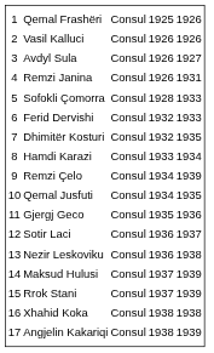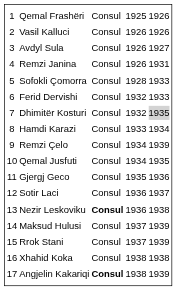 <table cellpadding="0" cellspacing="3" style="border:1px solid #000000; font-size:88%; line-height: 1.5em;">
 <tr>
 <td><strong></strong></td>
 <td><strong></strong></td>
 <td><strong></strong></td>
 <td colspan="2"></td>
 </tr>
 <tr>
 <td align=center>1</td>
 <td>Qemal Frashëri</td>
 <td>Consul</td>
 <td align=center>1925</td>
 <td align=center>1926</td>
 </tr>
 <tr>
 <td align=center>2</td>
 <td>Vasil Kalluci</td>
 <td>Consul</td>
 <td align=center>1926</td>
 <td align=center>1926</td>
 </tr>
 <tr>
 <td align=center>3</td>
 <td>Avdyl Sula</td>
 <td>Consul</td>
 <td align=center>1926</td>
 <td align=center>1927</td>
 </tr>
 <tr>
 <td align=center>4</td>
 <td>Remzi Janina</td>
 <td>Consul</td>
 <td align=center>1926</td>
 <td align=center>1931</td>
 </tr>
 <tr>
 <td align=center>5</td>
 <td>Sofokli Çomorra</td>
 <td>Consul</td>
 <td align=center>1928</td>
 <td align=center>1933</td>
 </tr>
 <tr>
 <td align=center>6</td>
 <td>Ferid Dervishi</td>
 <td>Consul</td>
 <td align=center>1932</td>
 <td align=center>1933</td>
 </tr>
 <tr>
 <td align=center>7</td>
 <td>Dhimitër Kosturi</td>
 <td>Consul</td>
 <td align=center>1932</td>
-<td align=center>1935</td>
+<td align=center style="background: lightgrey;">1935</td>
 </tr>
 <tr>
 <td align=center>8</td>
 <td>Hamdi Karazi</td>
 <td>Consul</td>
 <td align=center>1933</td>
 <td align=center>1934</td>
 </tr>
 <tr>
 <td align=center>9</td>
 <td>Remzi Çelo</td>
 <td>Consul</td>
 <td align=center>1934</td>
 <td align=center>1939</td>
 </tr>
 <tr>
 <td align=center>10</td>
 <td>Qemal Jusfuti</td>
 <td>Consul</td>
 <td align=center>1934</td>
 <td align=center>1935</td>
 </tr>
 <tr>
 <td align=center>11</td>
 <td>Gjergj Geco</td>
 <td>Consul</td>
 <td align=center>1935</td>
 <td align=center>1936</td>
 </tr>
 <tr>
 <td align=center>12</td>
 <td>Sotir Laci</td>
 <td>Consul</td>
 <td align=center>1936</td>
 <td align=center>1937</td>
 </tr>
 <tr>
 <td align=center>13</td>
 <td>Nezir Leskoviku</td>
-<td>Consul</td>
+<td><strong>Consul</strong></td>
 <td align=center>1936</td>
 <td align=center>1938</td>
 </tr>
 <tr>
 <td align=center>14</td>
 <td>Maksud Hulusi</td>
 <td>Consul</td>
 <td align=center>1937</td>
 <td align=center>1939</td>
 </tr>
 <tr>
 <td align=center>15</td>
 <td>Rrok Stani</td>
 <td>Consul</td>
 <td align=center>1937</td>
 <td align=center>1939</td>
 </tr>
 <tr>
 <td align=center>16</td>
 <td>Xhahid Koka</td>
 <td>Consul</td>
 <td align=center>1938</td>
 <td align=center>1938</td>
 </tr>
 <tr>
 <td align=center>17</td>
 <td>Angjelin Kakariqi</td>
-<td>Consul</td>
+<td><strong>Consul</strong></td>
 <td align=center>1938</td>
 <td align=center>1939</td>
 </tr>
 <tr>
 </tr>
 </table>
